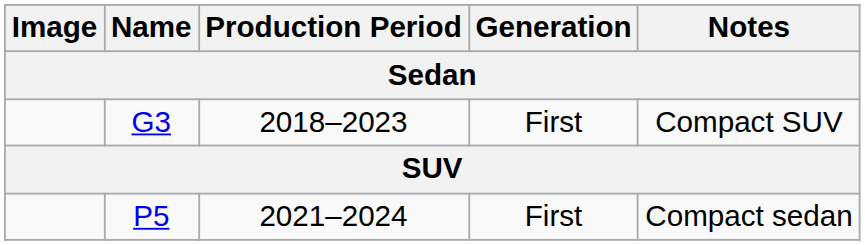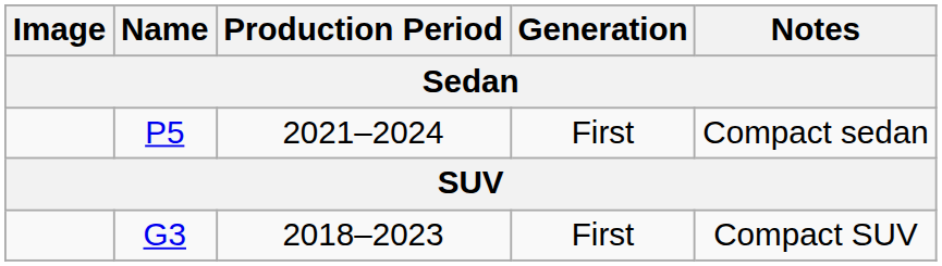 <table class="wikitable" style="text-align: center;">
 <tr>
 <th>Image</th>
 <th>Name</th>
 <th>Production Period</th>
 <th>Generation</th>
 <th>Notes</th>
 </tr>
 <tr>
 <th colspan="5">Sedan</th>
 </tr>
 <tr>
 <td></td>
-<td><a href='#'>G3</a></td>
-<td>2018–2023</td>
+<td><a href='#'>P5</a></td>
+<td>2021–2024</td>
 <td>First</td>
-<td>Compact SUV</td>
+<td>Compact sedan</td>
 </tr>
 <tr>
 <th colspan="5">SUV</th>
 </tr>
 <tr>
 <td></td>
-<td><a href='#'>P5</a></td>
-<td>2021–2024</td>
+<td><a href='#'>G3</a></td>
+<td>2018–2023</td>
 <td>First</td>
-<td>Compact sedan</td>
+<td>Compact SUV</td>
 </tr>
 </table>
